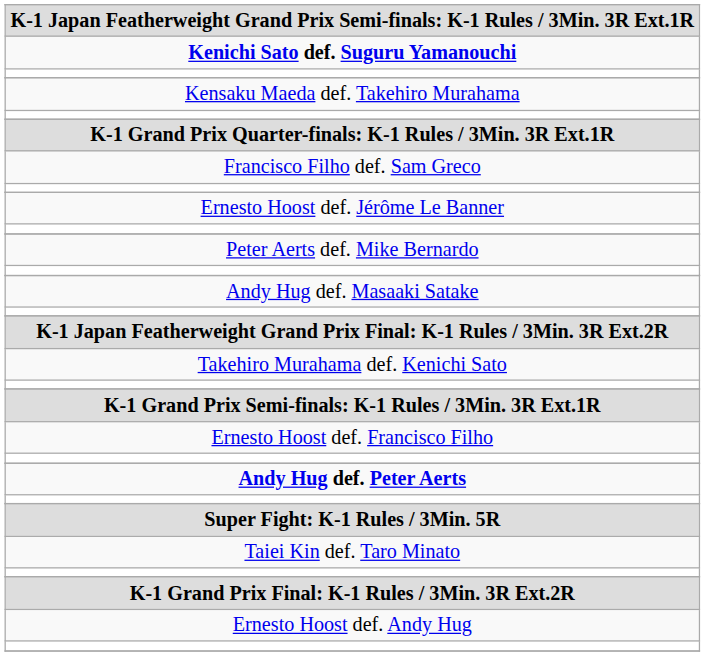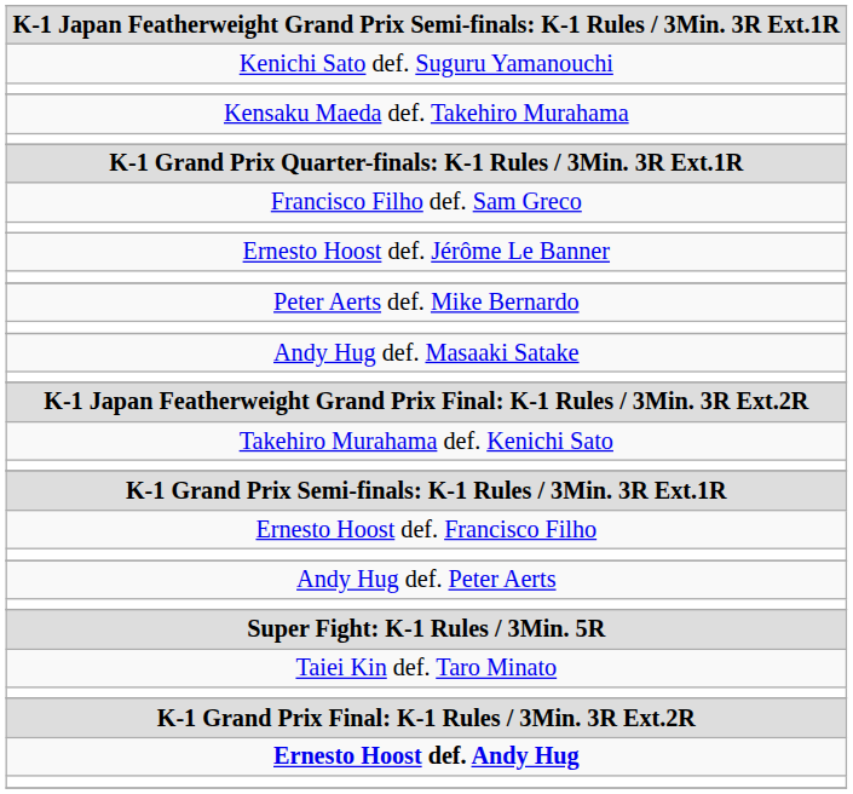 <table class="wikitable" style="clear:both; margin:1.5em auto; text-align:center;">
 <tr>
 </tr>
 <tr align="center"  bgcolor="#dddddd">
 <td><strong>K-1 Japan Featherweight Grand Prix Semi-finals: K-1 Rules / 3Min. 3R Ext.1R</strong></td>
 </tr>
 <tr align="center"  bgcolor=>
-<td align=center><strong> <a href='#'>Kenichi Sato</a> def. <a href='#'>Suguru Yamanouchi</a> </strong></td>
+<td align=center> <a href='#'>Kenichi Sato</a> def. <a href='#'>Suguru Yamanouchi</a> </td>
 </tr>
 <tr>
 <th style=background:white colspan=2></th>
 </tr>
 <tr>
 </tr>
 <tr align="center"  bgcolor=>
 <td align=center> <a href='#'>Kensaku Maeda</a> def. <a href='#'>Takehiro Murahama</a> </td>
 </tr>
 <tr>
 <th style=background:white colspan=2></th>
 </tr>
 <tr>
 </tr>
 <tr align="center"  bgcolor="#dddddd">
 <td><strong>K-1 Grand Prix Quarter-finals: K-1 Rules / 3Min. 3R Ext.1R</strong></td>
 </tr>
 <tr align="center"  bgcolor=>
 <td align=center> <a href='#'>Francisco Filho</a> def. <a href='#'>Sam Greco</a> </td>
 </tr>
 <tr>
 <th style=background:white colspan=2></th>
 </tr>
 <tr>
 </tr>
 <tr align="center"  bgcolor=>
 <td align=center> <a href='#'>Ernesto Hoost</a> def. <a href='#'>Jérôme Le Banner</a> </td>
 </tr>
 <tr>
 <th style=background:white colspan=2></th>
 </tr>
 <tr>
 </tr>
 <tr align="center"  bgcolor=>
 <td align=center> <a href='#'>Peter Aerts</a> def. <a href='#'>Mike Bernardo</a> </td>
 </tr>
 <tr>
 <th style=background:white colspan=2></th>
 </tr>
 <tr>
 </tr>
 <tr align="center"  bgcolor=>
 <td align=center> <a href='#'>Andy Hug</a> def. <a href='#'>Masaaki Satake</a> </td>
 </tr>
 <tr>
 <th style=background:white colspan=2></th>
 </tr>
 <tr>
 </tr>
 <tr align="center"  bgcolor="#dddddd">
 <td><strong>K-1 Japan Featherweight Grand Prix Final: K-1 Rules / 3Min. 3R Ext.2R</strong></td>
 </tr>
 <tr align="center"  bgcolor=>
 <td align=center> <a href='#'>Takehiro Murahama</a> def. <a href='#'>Kenichi Sato</a> </td>
 </tr>
 <tr>
 <th style=background:white colspan=2></th>
 </tr>
 <tr>
 </tr>
 <tr align="center"  bgcolor="#dddddd">
 <td><strong>K-1 Grand Prix Semi-finals: K-1 Rules / 3Min. 3R Ext.1R</strong></td>
 </tr>
 <tr align="center"  bgcolor=>
 <td align=center> <a href='#'>Ernesto Hoost</a> def. <a href='#'>Francisco Filho</a> </td>
 </tr>
 <tr>
 <th style=background:white colspan=2></th>
 </tr>
 <tr>
 </tr>
 <tr align="center"  bgcolor=>
-<td align=center><strong> <a href='#'>Andy Hug</a> def. <a href='#'>Peter Aerts</a> </strong></td>
+<td align=center> <a href='#'>Andy Hug</a> def. <a href='#'>Peter Aerts</a> </td>
 </tr>
 <tr>
 <th style=background:white colspan=2></th>
 </tr>
 <tr>
 </tr>
 <tr align="center"  bgcolor="#dddddd">
 <td><strong>Super Fight: K-1 Rules / 3Min. 5R</strong></td>
 </tr>
 <tr align="center"  bgcolor=>
 <td align=center> <a href='#'>Taiei Kin</a> def. <a href='#'>Taro Minato</a> </td>
 </tr>
 <tr>
 <th style=background:white colspan=2></th>
 </tr>
 <tr>
 </tr>
 <tr align="center"  bgcolor="#dddddd">
 <td><strong>K-1 Grand Prix Final: K-1 Rules / 3Min. 3R Ext.2R</strong></td>
 </tr>
 <tr align="center"  bgcolor=>
-<td align=center> <a href='#'>Ernesto Hoost</a> def. <a href='#'>Andy Hug</a> </td>
+<td align=center><strong> <a href='#'>Ernesto Hoost</a> def. <a href='#'>Andy Hug</a> </strong></td>
 </tr>
 <tr>
 <th style=background:white colspan=2></th>
 </tr>
 <tr>
 </tr>
 </table>
